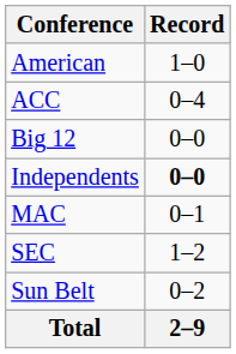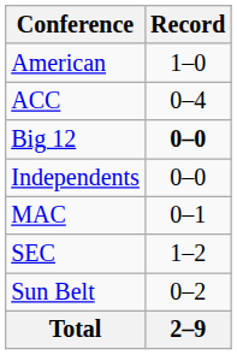 <table class="wikitable">
 <tr>
 <th>Conference</th>
 <th>Record</th>
 </tr>
 <tr>
 <td><a href='#'>American</a></td>
 <td align=center>1–0</td>
 </tr>
 <tr>
 <td><a href='#'>ACC</a></td>
 <td align=center>0–4</td>
 </tr>
 <tr>
 <td><a href='#'>Big 12</a></td>
-<td align=center>0–0</td>
+<td align=center><strong>0–0</strong></td>
 </tr>
 <tr>
 <td><a href='#'>Independents</a></td>
-<td align=center><strong>0–0</strong></td>
+<td align=center>0–0</td>
 </tr>
 <tr>
 <td><a href='#'>MAC</a></td>
 <td align=center>0–1</td>
 </tr>
 <tr>
 <td><a href='#'>SEC</a></td>
 <td align=center>1–2</td>
 </tr>
 <tr>
 <td><a href='#'>Sun Belt</a></td>
 <td align=center>0–2</td>
 </tr>
 <tr>
 <th>Total</th>
 <th>2–9</th>
 </tr>
 </table>
